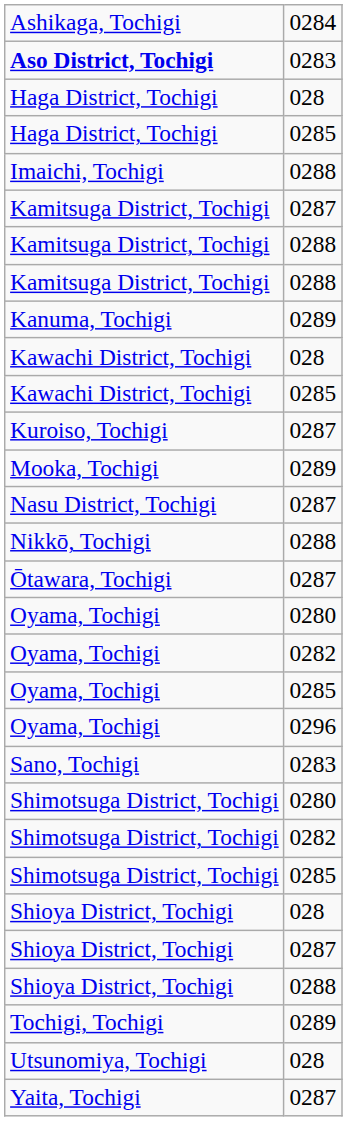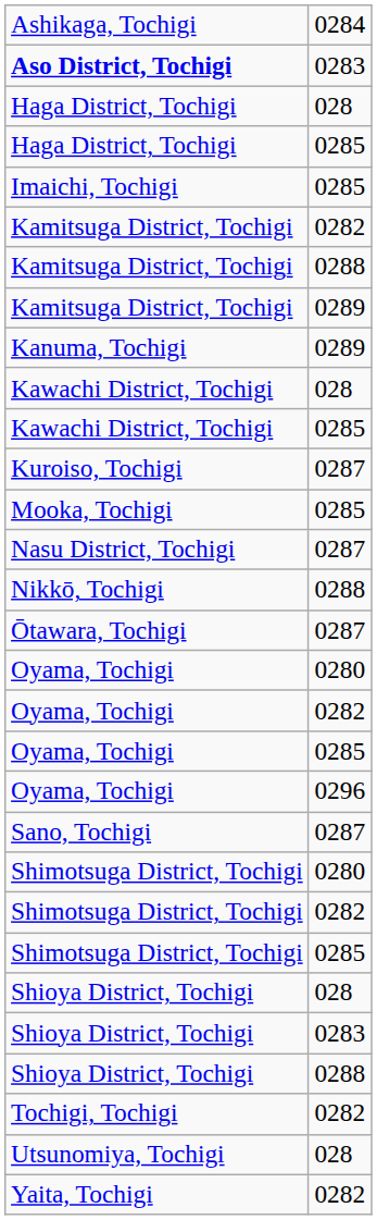 <table class="wikitable">
 <tr>
 <td><a href='#'>Ashikaga, Tochigi</a></td>
 <td>0284</td>
 </tr>
 <tr>
 <td><strong><a href='#'>Aso District, Tochigi</a></strong></td>
 <td>0283</td>
 </tr>
 <tr>
 <td><a href='#'>Haga District, Tochigi</a></td>
 <td>028</td>
 </tr>
 <tr>
 <td><a href='#'>Haga District, Tochigi</a></td>
 <td>0285</td>
 </tr>
 <tr>
 <td><a href='#'>Imaichi, Tochigi</a></td>
-<td>0288</td>
+<td>0285</td>
 </tr>
 <tr>
 <td><a href='#'>Kamitsuga District, Tochigi</a></td>
-<td>0287</td>
+<td>0282</td>
 </tr>
 <tr>
 <td><a href='#'>Kamitsuga District, Tochigi</a></td>
 <td>0288</td>
 </tr>
 <tr>
 <td><a href='#'>Kamitsuga District, Tochigi</a></td>
-<td>0288</td>
+<td>0289</td>
 </tr>
 <tr>
 <td><a href='#'>Kanuma, Tochigi</a></td>
 <td>0289</td>
 </tr>
 <tr>
 <td><a href='#'>Kawachi District, Tochigi</a></td>
 <td>028</td>
 </tr>
 <tr>
 <td><a href='#'>Kawachi District, Tochigi</a></td>
 <td>0285</td>
 </tr>
 <tr>
 <td><a href='#'>Kuroiso, Tochigi</a></td>
 <td>0287</td>
 </tr>
 <tr>
 <td><a href='#'>Mooka, Tochigi</a></td>
-<td>0289</td>
+<td>0285</td>
 </tr>
 <tr>
 <td><a href='#'>Nasu District, Tochigi</a></td>
 <td>0287</td>
 </tr>
 <tr>
 <td><a href='#'>Nikkō, Tochigi</a></td>
 <td>0288</td>
 </tr>
 <tr>
 <td><a href='#'>Ōtawara, Tochigi</a></td>
 <td>0287</td>
 </tr>
 <tr>
 <td><a href='#'>Oyama, Tochigi</a></td>
 <td>0280</td>
 </tr>
 <tr>
 <td><a href='#'>Oyama, Tochigi</a></td>
 <td>0282</td>
 </tr>
 <tr>
 <td><a href='#'>Oyama, Tochigi</a></td>
 <td>0285</td>
 </tr>
 <tr>
 <td><a href='#'>Oyama, Tochigi</a></td>
 <td>0296</td>
 </tr>
 <tr>
 <td><a href='#'>Sano, Tochigi</a></td>
-<td>0283</td>
+<td>0287</td>
 </tr>
 <tr>
 <td><a href='#'>Shimotsuga District, Tochigi</a></td>
 <td>0280</td>
 </tr>
 <tr>
 <td><a href='#'>Shimotsuga District, Tochigi</a></td>
 <td>0282</td>
 </tr>
 <tr>
 <td><a href='#'>Shimotsuga District, Tochigi</a></td>
 <td>0285</td>
 </tr>
 <tr>
 <td><a href='#'>Shioya District, Tochigi</a></td>
 <td>028</td>
 </tr>
 <tr>
 <td><a href='#'>Shioya District, Tochigi</a></td>
-<td>0287</td>
+<td>0283</td>
 </tr>
 <tr>
 <td><a href='#'>Shioya District, Tochigi</a></td>
 <td>0288</td>
 </tr>
 <tr>
 <td><a href='#'>Tochigi, Tochigi</a></td>
-<td>0289</td>
+<td>0282</td>
 </tr>
 <tr>
 <td><a href='#'>Utsunomiya, Tochigi</a></td>
 <td>028</td>
 </tr>
 <tr>
 <td><a href='#'>Yaita, Tochigi</a></td>
-<td>0287</td>
+<td>0282</td>
 </tr>
 </table>
